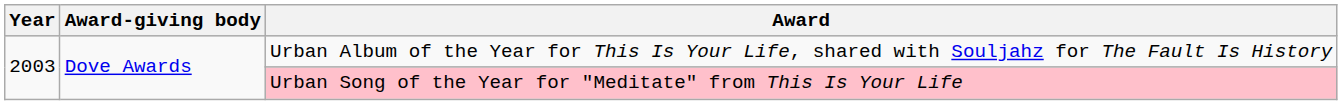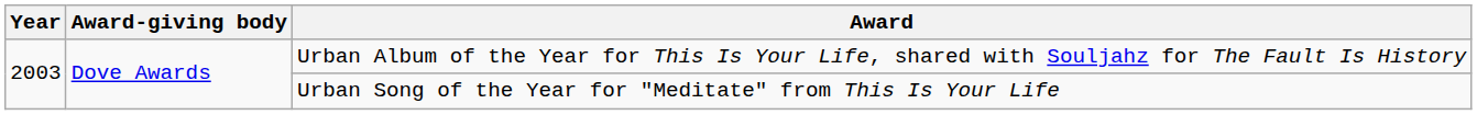 <table class="wikitable">
 <tr>
 <th>Year</th>
 <th>Award-giving body</th>
 <th>Award</th>
 </tr>
 <tr>
 <td rowspan=2>2003</td>
 <td rowspan=2><a href='#'>Dove Awards</a></td>
 <td>Urban Album of the Year for <em>This Is Your Life</em>, shared with <a href='#'>Souljahz</a> for <em>The Fault Is History</em></td>
 </tr>
 <tr>
-<td style="background: pink;">Urban Song of the Year for "Meditate" from <em>This Is Your Life</em></td>
+<td>Urban Song of the Year for "Meditate" from <em>This Is Your Life</em></td>
 </tr>
 </table>
